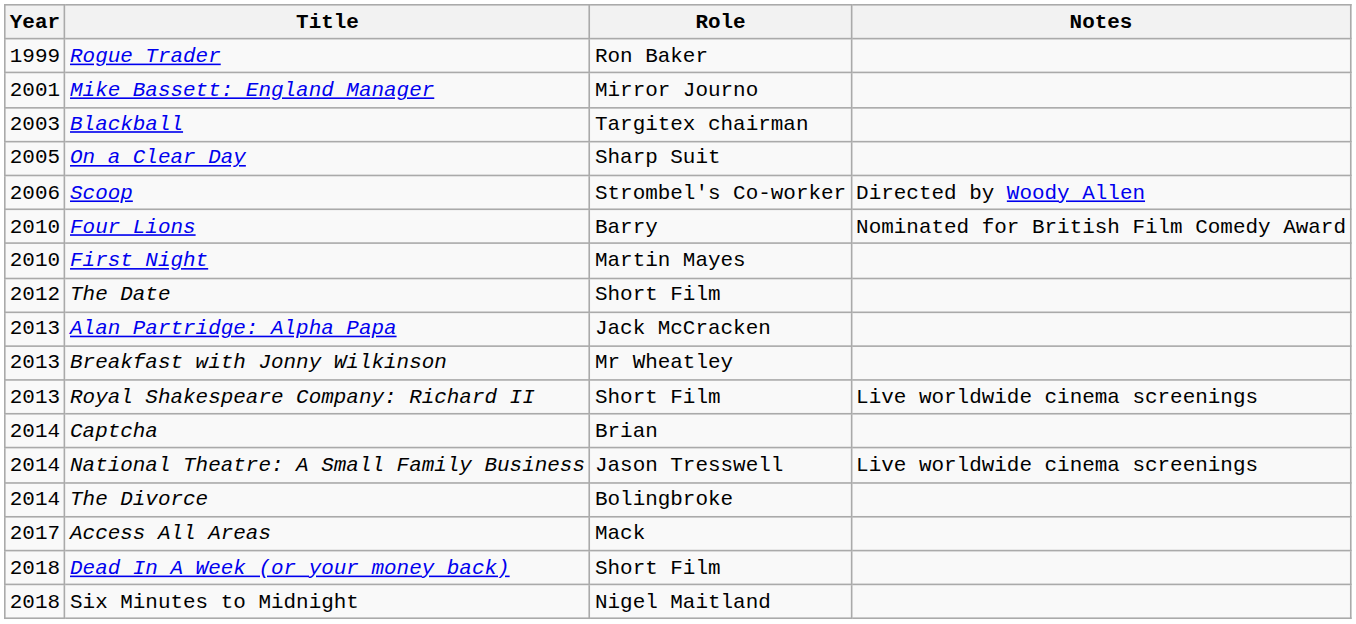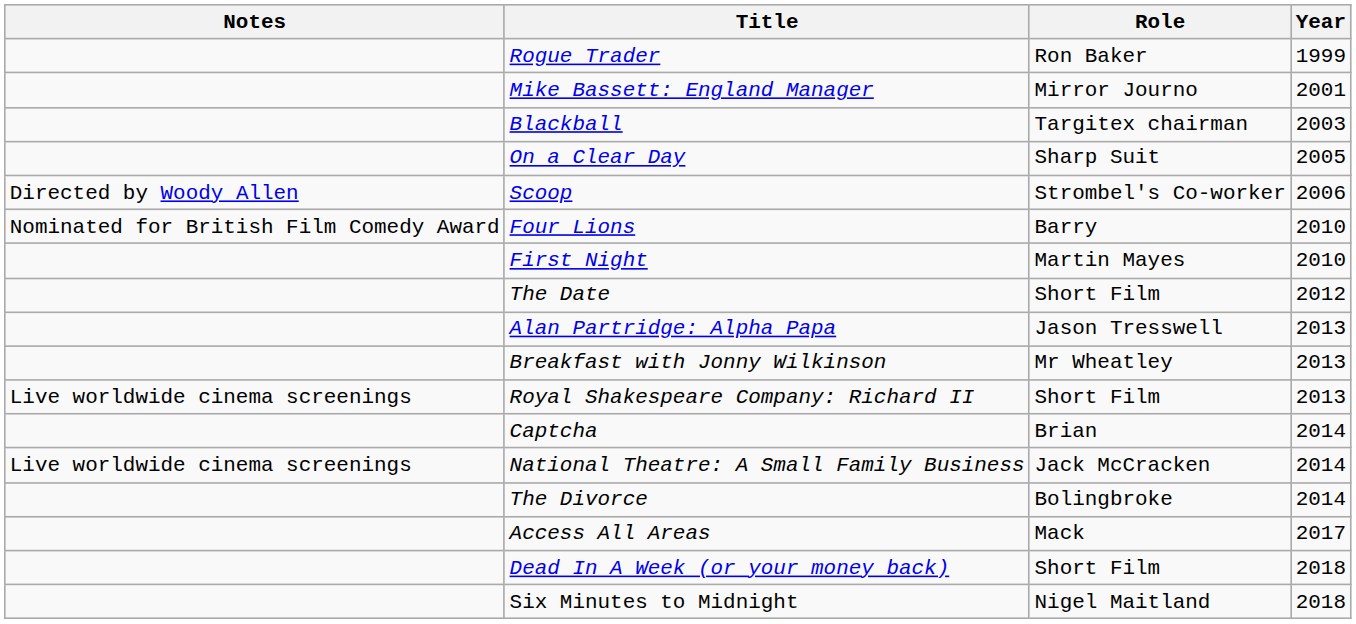 <table class="wikitable sortable">
 <tr>
-<th>Year</th>
+<th>Notes</th>
 <th>Title</th>
 <th>Role</th>
-<th>Notes</th>
+<th>Year</th>
 </tr>
 <tr>
-<td>1999</td>
+<td></td>
 <td><em><a href='#'>Rogue Trader</a></em></td>
 <td>Ron Baker</td>
-<td></td>
+<td>1999</td>
 </tr>
 <tr>
-<td>2001</td>
+<td></td>
 <td><em><a href='#'>Mike Bassett: England Manager</a></em></td>
 <td>Mirror Journo</td>
-<td></td>
+<td>2001</td>
 </tr>
 <tr>
-<td>2003</td>
+<td></td>
 <td><em><a href='#'>Blackball</a></em></td>
 <td>Targitex chairman</td>
-<td></td>
+<td>2003</td>
 </tr>
 <tr>
-<td>2005</td>
+<td></td>
 <td><em><a href='#'>On a Clear Day</a></em></td>
 <td>Sharp Suit</td>
-<td></td>
+<td>2005</td>
 </tr>
 <tr>
-<td>2006</td>
+<td>Directed by <a href='#'>Woody Allen</a></td>
 <td><em><a href='#'>Scoop</a></em></td>
 <td>Strombel's Co-worker</td>
-<td>Directed by <a href='#'>Woody Allen</a></td>
+<td>2006</td>
 </tr>
 <tr>
-<td>2010</td>
+<td>Nominated for British Film Comedy Award</td>
 <td><em><a href='#'>Four Lions</a></em></td>
 <td>Barry</td>
-<td>Nominated for British Film Comedy Award</td>
+<td>2010</td>
 </tr>
 <tr>
-<td>2010</td>
+<td></td>
 <td><em><a href='#'>First Night</a></em></td>
 <td>Martin Mayes</td>
-<td></td>
+<td>2010</td>
 </tr>
 <tr>
-<td>2012</td>
+<td></td>
 <td><em>The Date</em></td>
 <td>Short Film</td>
-<td></td>
+<td>2012</td>
 </tr>
 <tr>
+<td></td>
+<td><em><a href='#'>Alan Partridge: Alpha Papa</a></em></td>
+<td>Jason Tresswell</td>
 <td>2013</td>
-<td><em><a href='#'>Alan Partridge: Alpha Papa</a></em></td>
-<td>Jack McCracken</td>
-<td></td>
 </tr>
 <tr>
-<td>2013</td>
+<td></td>
 <td><em>Breakfast with Jonny Wilkinson</em></td>
 <td>Mr Wheatley</td>
-<td></td>
+<td>2013</td>
 </tr>
 <tr>
-<td>2013</td>
+<td>Live worldwide cinema screenings</td>
 <td><em>Royal Shakespeare Company: Richard II</em></td>
 <td>Short Film</td>
-<td>Live worldwide cinema screenings</td>
+<td>2013</td>
 </tr>
 <tr>
-<td>2014</td>
+<td></td>
 <td><em>Captcha</em></td>
 <td>Brian</td>
-<td></td>
+<td>2014</td>
 </tr>
 <tr>
+<td>Live worldwide cinema screenings</td>
+<td><em>National Theatre: A Small Family Business</em></td>
+<td>Jack McCracken</td>
 <td>2014</td>
-<td><em>National Theatre: A Small Family Business</em></td>
-<td>Jason Tresswell</td>
-<td>Live worldwide cinema screenings</td>
 </tr>
 <tr>
-<td>2014</td>
+<td></td>
 <td><em>The Divorce</em></td>
 <td>Bolingbroke</td>
-<td></td>
+<td>2014</td>
 </tr>
 <tr>
-<td>2017</td>
+<td></td>
 <td><em>Access All Areas</em></td>
 <td>Mack</td>
-<td></td>
+<td>2017</td>
 </tr>
 <tr>
-<td>2018</td>
+<td></td>
 <td><em><a href='#'>Dead In A Week (or your money back)</a></em></td>
 <td>Short Film</td>
-<td></td>
+<td>2018</td>
 </tr>
 <tr>
-<td>2018</td>
+<td></td>
 <td>Six Minutes to Midnight</td>
 <td>Nigel Maitland</td>
-<td></td>
+<td>2018</td>
 </tr>
 </table>
